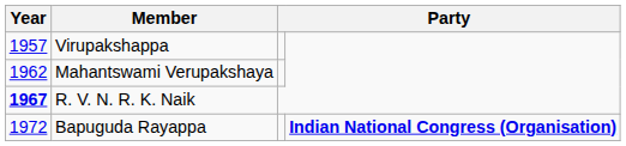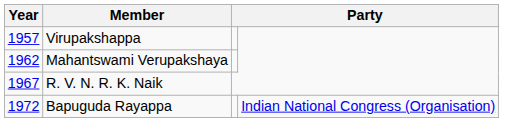 <table class="wikitable sortable">
 <tr>
 <th>Year</th>
 <th>Member</th>
 <th colspan="2">Party</th>
 </tr>
 <tr>
 <td><a href='#'>1957</a></td>
 <td>Virupakshappa</td>
 <td></td>
 </tr>
 <tr>
 <td><a href='#'>1962</a></td>
 <td>Mahantswami Verupakshaya</td>
 <td></td>
 </tr>
 <tr>
-<td><strong><a href='#'>1967</a></strong></td>
+<td><a href='#'>1967</a></td>
 <td>R. V. N. R. K. Naik</td>
 </tr>
 <tr>
 <td><a href='#'>1972</a></td>
 <td>Bapuguda Rayappa</td>
 <td style="background-color: "></td>
-<td><strong><a href='#'>Indian National Congress (Organisation)</a></strong></td>
+<td><a href='#'>Indian National Congress (Organisation)</a></td>
 </tr>
 </table>
